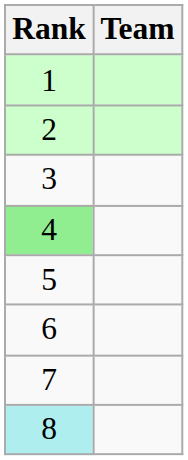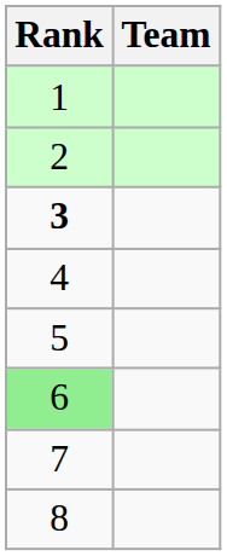 <table class=wikitable style="text-align: center;">
 <tr>
 <th>Rank</th>
 <th>Team</th>
 </tr>
 <tr style="background: #CCFFCC;">
 <td>1</td>
 <td style="text-align: left;"></td>
 </tr>
 <tr style="background: #CCFFCC;">
 <td>2</td>
 <td style="text-align: left;"></td>
 </tr>
 <tr>
-<td>3</td>
+<td><strong>3</strong></td>
 <td style="text-align: left;"></td>
 </tr>
 <tr>
-<td style="background: lightgreen;">4</td>
+<td>4</td>
 <td style="text-align: left;"></td>
 </tr>
 <tr>
 <td>5</td>
 <td style="text-align: left;"></td>
 </tr>
 <tr>
-<td>6</td>
+<td style="background: lightgreen;">6</td>
 <td style="text-align: left;"></td>
 </tr>
 <tr>
 <td>7</td>
 <td style="text-align: left;"></td>
 </tr>
 <tr>
-<td style="background: paleturquoise;">8</td>
+<td>8</td>
 <td style="text-align: left;"></td>
 </tr>
 </table>
